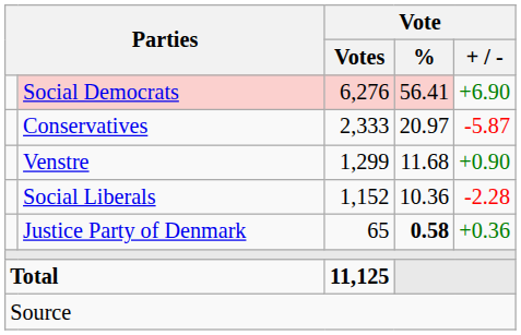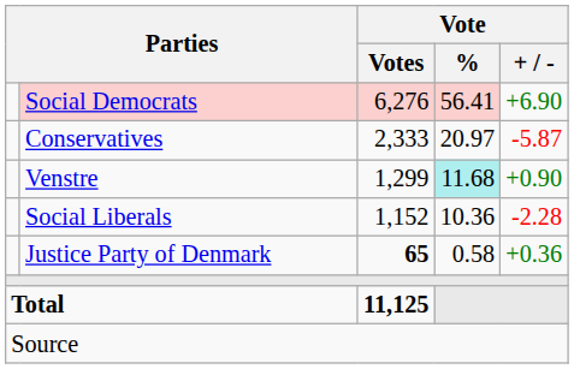 <table class="wikitable" style="text-align:right;">
 <tr>
 <th style="text-align:centre;" rowspan="2" colspan="2" width="225">Parties</th>
 <th colspan="3">Vote</th>
 </tr>
 <tr>
 <th width="15">Votes</th>
 <th width="15">%</th>
 <th width="15">+ / -</th>
 </tr>
 <tr>
 <td width="2" style="color:inherit;background:"></td>
 <td bgcolor=#fbd0ce  align="left"><a href='#'>Social Democrats</a></td>
 <td bgcolor=#fbd0ce>6,276</td>
 <td bgcolor=#fbd0ce>56.41</td>
 <td style=color:green;>+6.90</td>
 </tr>
 <tr>
 <td width="2" style="color:inherit;background:"></td>
 <td align="left"><a href='#'>Conservatives</a></td>
 <td>2,333</td>
 <td>20.97</td>
 <td style=color:red;>-5.87</td>
 </tr>
 <tr>
 <td width="2" style="color:inherit;background:"></td>
 <td align="left"><a href='#'>Venstre</a></td>
 <td>1,299</td>
-<td>11.68</td>
+<td style="background: paleturquoise;">11.68</td>
 <td style=color:green;>+0.90</td>
 </tr>
 <tr>
 <td width="2" style="color:inherit;background:"></td>
 <td align="left"><a href='#'>Social Liberals</a></td>
 <td>1,152</td>
 <td>10.36</td>
 <td style=color:red;>-2.28</td>
 </tr>
 <tr>
 <td width="2" style="color:inherit;background:"></td>
 <td align="left"><a href='#'>Justice Party of Denmark</a></td>
-<td>65</td>
-<td><strong>0.58</strong></td>
+<td><strong>65</strong></td>
+<td>0.58</td>
 <td style=color:green;>+0.36</td>
 </tr>
 <tr>
 <td colspan="7" bgcolor="#E9E9E9"></td>
 </tr>
 <tr>
 <td align="left" colspan="2"><strong>Total</strong></td>
 <td><strong>11,125</strong></td>
 <td bgcolor="#E9E9E9" colspan="2"></td>
 </tr>
 <tr>
 <td align="left" colspan="6">Source</td>
 </tr>
 </table>
